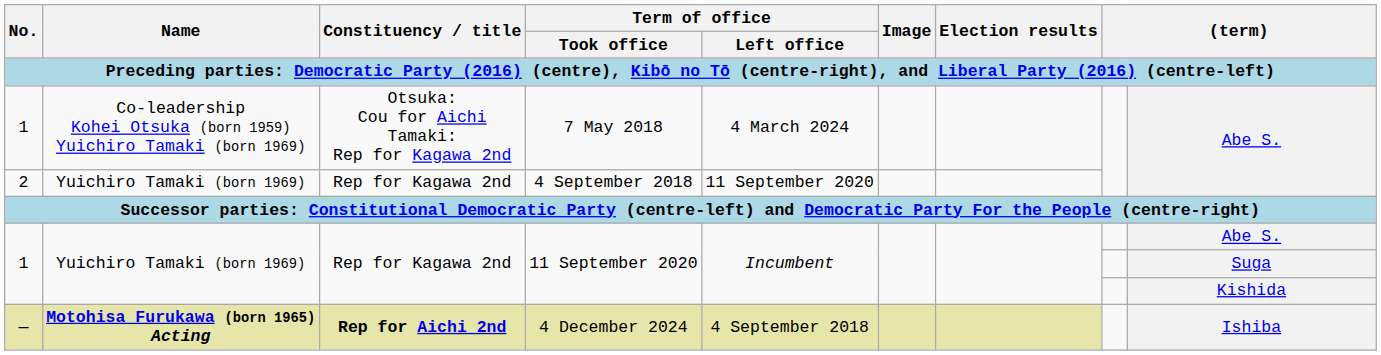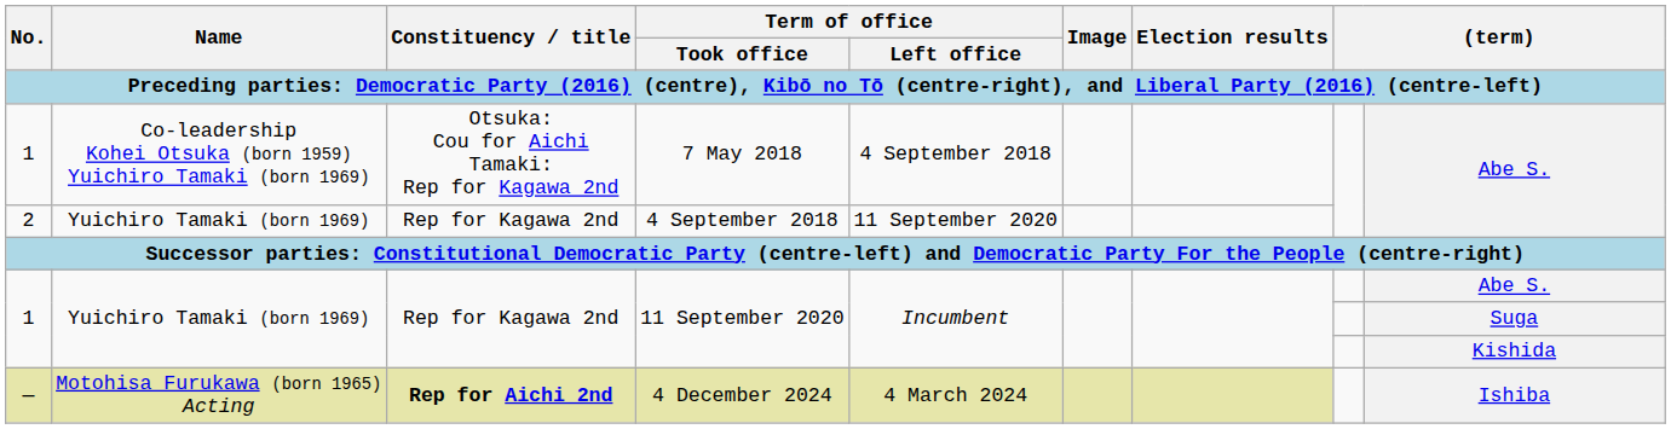 <table class="wikitable" style="text-align:center">
 <tr>
 <th rowspan=2>No.</th>
 <th rowspan=2>Name</th>
 <th rowspan=2>Constituency / title</th>
 <th colspan=2>Term of office</th>
 <th rowspan=2>Image</th>
 <th rowspan=2>Election results</th>
 <th colspan="2" style="width:20%;" rowspan="2"><a href='#'></a> (term)</th>
 </tr>
 <tr>
 <th>Took office</th>
 <th>Left office</th>
 </tr>
 <tr>
 <td bgcolor="lightblue" colspan="9"><strong>Preceding parties: <a href='#'>Democratic Party (2016)</a> (centre), <a href='#'>Kibō no Tō</a> (centre-right), and <a href='#'>Liberal Party (2016)</a> (centre-left)</strong></td>
 </tr>
 <tr>
 <td>1</td>
 <td text-align="center">Co-leadership<br><a href='#'>Kohei Otsuka</a> <small>(born 1959)</small><br><a href='#'>Yuichiro Tamaki</a> <small>(born 1969)</small></td>
 <td>Otsuka: <br>Cou for <a href='#'>Aichi</a><br>Tamaki:<br>Rep for <a href='#'>Kagawa 2nd</a></td>
 <td>7 May 2018</td>
-<td>4 March 2024</td>
+<td>4 September 2018</td>
 <td><br> <br></td>
 <td><br></td>
 <td rowspan="2" style="background-color: "></td>
 <th rowspan="2" style="font-weight:normal"><a href='#'>Abe S.</a> </th>
 </tr>
 <tr>
 <td>2</td>
 <td>Yuichiro Tamaki <small>(born 1969)</small></td>
 <td>Rep for Kagawa 2nd</td>
 <td>4 September 2018</td>
 <td>11 September 2020</td>
 <td></td>
 <td></td>
 </tr>
 <tr>
 <td bgcolor="lightblue" colspan="9"><strong>Successor parties: <a href='#'>Constitutional Democratic Party</a> (centre-left) and <a href='#'>Democratic Party For the People</a> (centre-right)</strong></td>
 </tr>
 <tr>
 <td rowspan=4>1</td>
 <td rowspan=4>Yuichiro Tamaki <small>(born 1969)</small></td>
 <td rowspan=4>Rep for Kagawa 2nd</td>
 <td rowspan=4>11 September 2020</td>
 <td rowspan=4><em>Incumbent</em></td>
 <td rowspan=4></td>
 <td rowspan=4></td>
 <td style="background-color: "></td>
 <th style="font-weight:normal"><a href='#'>Abe S.</a> </th>
 </tr>
 <tr>
 <td style="background-color: "></td>
 <th style="font-weight:normal"><a href='#'>Suga</a> </th>
 </tr>
 <tr>
 <td style="background-color: "></td>
 <th style="font-weight:normal"><a href='#'>Kishida</a> </th>
 </tr>
 <tr>
 <td rowspan=2 style="background-color: "></td>
 <th rowspan=2 style="font-weight:normal"><a href='#'>Ishiba</a> </th>
 </tr>
 <tr style="background-color:#E6E6AA">
 <td>—</td>
-<td><strong><a href='#'>Motohisa Furukawa</a> <small>(born 1965)</small><br><em>Acting</em></strong></td>
+<td><a href='#'>Motohisa Furukawa</a> <small>(born 1965)</small><br><em>Acting</em></td>
 <td><strong>Rep for <a href='#'>Aichi 2nd</a></strong></td>
 <td>4 December 2024</td>
-<td>4 September 2018</td>
+<td>4 March 2024</td>
 <td></td>
 <td></td>
 </tr>
 </table>
